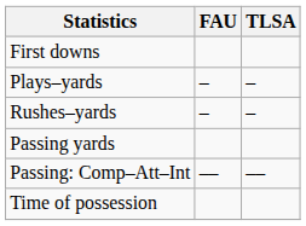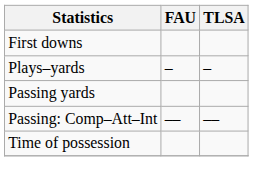 <table class="wikitable" style="float: left;">
 <tr>
 <th>Statistics</th>
 <th>FAU</th>
 <th>TLSA</th>
 </tr>
 <tr>
 <td>First downs</td>
 <td></td>
 <td></td>
 </tr>
 <tr>
 <td>Plays–yards</td>
-<td>–</td>
-<td>–</td>
-</tr>
-<tr>
-<td>Rushes–yards</td>
 <td>–</td>
 <td>–</td>
 </tr>
 <tr>
 <td>Passing yards</td>
 <td></td>
 <td></td>
 </tr>
 <tr>
 <td>Passing: Comp–Att–Int</td>
 <td>––</td>
 <td>––</td>
 </tr>
 <tr>
 <td>Time of possession</td>
 <td></td>
 <td></td>
 </tr>
 <tr>
 </tr>
 </table>
